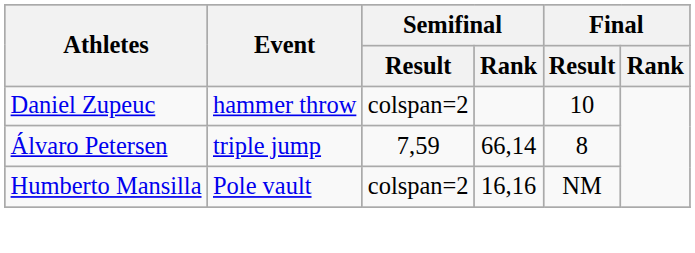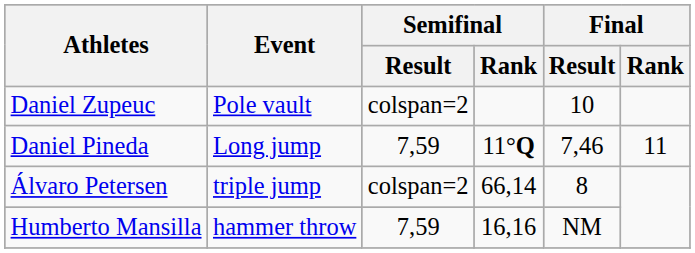 <table class="wikitable" border="1" style="font-size:90%">
 <tr>
 <th rowspan=2>Athletes</th>
 <th rowspan=2>Event</th>
 <th colspan=2>Semifinal</th>
 <th colspan=2>Final</th>
 </tr>
 <tr>
 <th>Result</th>
 <th>Rank</th>
 <th>Result</th>
 <th>Rank</th>
 </tr>
 <tr>
 <td><a href='#'>Daniel Zupeuc</a></td>
-<td><a href='#'>hammer throw</a></td>
+<td><a href='#'>Pole vault</a></td>
 <td>colspan=2 </td>
 <td align=center></td>
 <td align=center>10</td>
 </tr>
 <tr>
+<td><a href='#'>Daniel Pineda</a></td>
+<td><a href='#'>Long jump</a></td>
+<td align=center>7,59</td>
+<td align=center>11°<strong>Q</strong></td>
+<td align=center>7,46</td>
+<td align=center>11</td>
+</tr>
+<tr>
 <td><a href='#'>Álvaro Petersen</a></td>
 <td><a href='#'>triple jump</a></td>
-<td align=center>7,59</td>
+<td>colspan=2 </td>
 <td align=center>66,14</td>
 <td align=center>8</td>
 </tr>
 <tr>
 <td><a href='#'>Humberto Mansilla</a></td>
-<td><a href='#'>Pole vault</a></td>
-<td>colspan=2 </td>
+<td><a href='#'>hammer throw</a></td>
+<td align=center>7,59</td>
 <td align=center>16,16</td>
 <td align=center>NM</td>
 </tr>
 </table>
